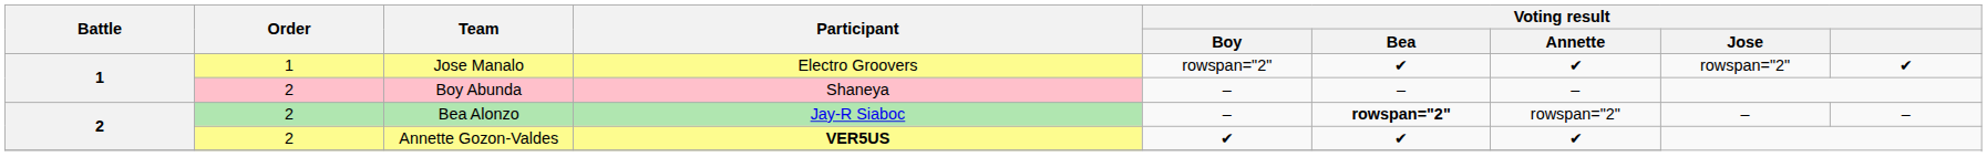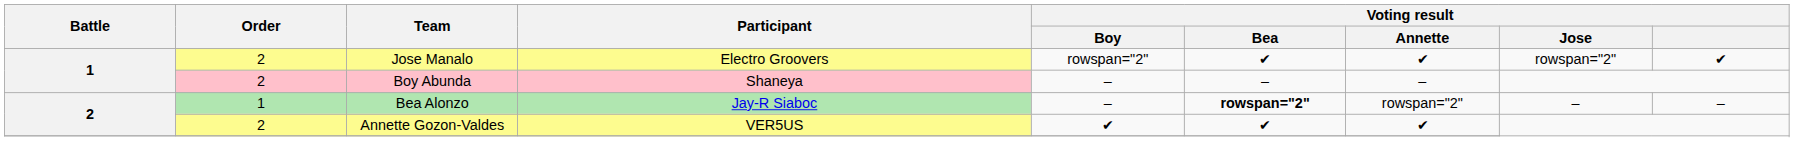 <table class="wikitable" style="text-align:center; line-height:17px; width:100%;">
 <tr>
 <th scope="col" rowspan="2" width="05%">Battle</th>
 <th scope="col" rowspan="2" width="05%">Order</th>
 <th scope="col" rowspan="2" width="05%">Team</th>
 <th scope="col" rowspan="2" width="15%">Participant</th>
 <th scope="col" colspan="5" width="20%">Voting result</th>
 </tr>
 <tr>
 <th width="4%">Boy</th>
 <th width="4%">Bea</th>
 <th width="4%">Annette</th>
 <th width="4%">Jose</th>
 <th width="4%"></th>
 </tr>
 <tr>
 <th rowspan="2">1</th>
-<td style="background:#fdfc8f;">1</td>
+<td style="background:#fdfc8f;">2</td>
 <td style="background:#fdfc8f;">Jose Manalo</td>
 <td style="background:#fdfc8f;">Electro Groovers</td>
 <td>rowspan="2" </td>
 <td>✔</td>
 <td>✔</td>
 <td>rowspan="2" </td>
 <td>✔</td>
 </tr>
 <tr>
 <td style="background:pink;">2</td>
 <td style="background:pink;">Boy Abunda</td>
 <td style="background:pink;">Shaneya</td>
 <td>–</td>
 <td>–</td>
 <td>–</td>
 </tr>
 <tr>
 <th rowspan="2">2</th>
-<td style="background:#b0e6b0;">2</td>
+<td style="background:#b0e6b0;">1</td>
 <td style="background:#b0e6b0;">Bea Alonzo</td>
 <td style="background:#b0e6b0;"><a href='#'>Jay-R Siaboc</a></td>
 <td>–</td>
 <td><strong>rowspan="2" </strong></td>
 <td>rowspan="2" </td>
 <td>–</td>
 <td>–</td>
 </tr>
 <tr>
 <td style="background:#fdfc8f;">2</td>
 <td style="background:#fdfc8f;">Annette Gozon-Valdes</td>
-<td style="background:#fdfc8f;"><strong>VER5US</strong></td>
+<td style="background:#fdfc8f;">VER5US</td>
 <td>✔</td>
 <td>✔</td>
 <td>✔</td>
 </tr>
 <tr>
 </tr>
 </table>
